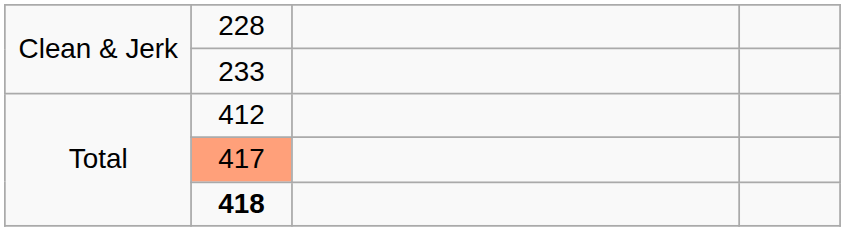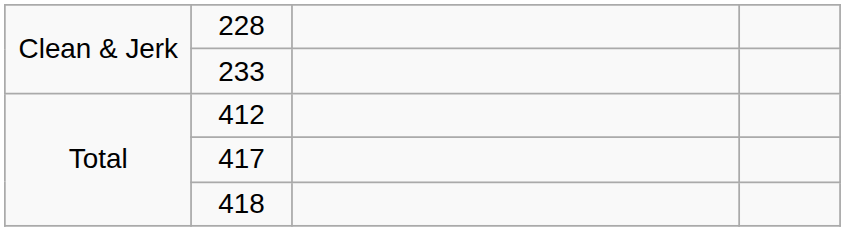 <table class = "wikitable" style="text-align:center;">
 <tr>
 <td rowspan=2 width=100>Clean & Jerk</td>
 <td width=50>228</td>
 <td width=250 align=left></td>
 <td width=50></td>
 </tr>
 <tr>
 <td>233</td>
 <td align=left></td>
 <td></td>
 </tr>
 <tr>
 <td rowspan=3>Total</td>
 <td>412</td>
 <td align=left></td>
 <td></td>
 </tr>
 <tr>
-<td style="background: lightsalmon;">417</td>
+<td>417</td>
 <td align=left></td>
 <td></td>
 </tr>
 <tr>
-<td><strong>418</strong></td>
+<td>418</td>
 <td align=left></td>
 <td></td>
 </tr>
 </table>
